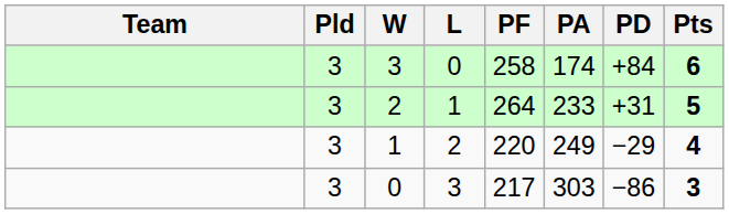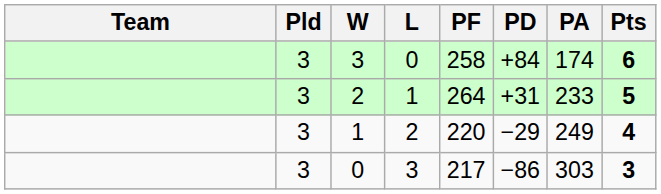 <table class=wikitable style="text-align:center">
 <tr>
 <th width=180>Team</th>
 <th width=30>Pld</th>
 <th width=30>W</th>
 <th width=30>L</th>
 <th width=30>PF</th>
+<th width=30>PD</th>
 <th width=30>PA</th>
-<th width=30>PD</th>
 <th width=30>Pts</th>
 </tr>
 <tr align=center bgcolor="#ccffcc">
 <td align=left></td>
 <td>3</td>
 <td>3</td>
 <td>0</td>
 <td>258</td>
+<td>+84</td>
 <td>174</td>
-<td>+84</td>
 <td><strong>6</strong></td>
 </tr>
 <tr align=center bgcolor="#ccffcc">
 <td align=left></td>
 <td>3</td>
 <td>2</td>
 <td>1</td>
 <td>264</td>
+<td>+31</td>
 <td>233</td>
-<td>+31</td>
 <td><strong>5</strong></td>
 </tr>
 <tr align=center>
 <td align=left></td>
 <td>3</td>
 <td>1</td>
 <td>2</td>
 <td>220</td>
+<td>−29</td>
 <td>249</td>
-<td>−29</td>
 <td><strong>4</strong></td>
 </tr>
 <tr align=center>
 <td align=left></td>
 <td>3</td>
 <td>0</td>
 <td>3</td>
 <td>217</td>
+<td>−86</td>
 <td>303</td>
-<td>−86</td>
 <td><strong>3</strong></td>
 </tr>
 </table>
